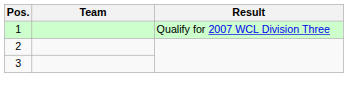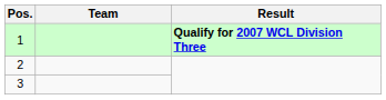 <table class="wikitable">
 <tr>
 <th>Pos.</th>
 <th width=175>Team</th>
 <th width=275>Result</th>
 </tr>
 <tr style="background:#ccffcc">
 <td align="center">1</td>
 <td></td>
-<td>Qualify for <a href='#'>2007 WCL Division Three</a></td>
+<td><strong>Qualify for <a href='#'>2007 WCL Division Three</a></strong></td>
 </tr>
 <tr>
 <td align="center">2</td>
 <td></td>
 <td rowspan=2></td>
 </tr>
 <tr>
 <td align="center">3</td>
 <td></td>
 </tr>
 </table>
